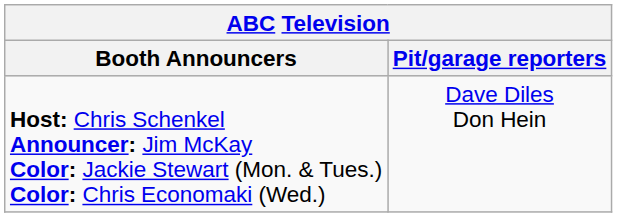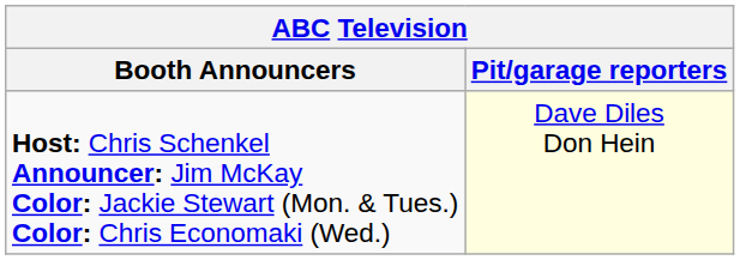 <table class="wikitable" style="font-size: 95%;">
 <tr>
 <th colspan=2><a href='#'>ABC</a> <a href='#'>Television</a></th>
 </tr>
 <tr>
 <th>Booth Announcers</th>
 <th><a href='#'>Pit/garage reporters</a></th>
 </tr>
 <tr>
 <td valign="top"><br><strong>Host:</strong> <a href='#'>Chris Schenkel</a><br> <strong><a href='#'>Announcer</a>:</strong> <a href='#'>Jim McKay</a><br> <strong><a href='#'>Color</a>:</strong> <a href='#'>Jackie Stewart</a> (Mon. & Tues.)<br> <strong><a href='#'>Color</a>:</strong> <a href='#'>Chris Economaki</a> (Wed.)<br></td>
-<td align="center" valign="top"><a href='#'>Dave Diles</a><br>Don Hein<br></td>
+<td align="center" valign="top" style="background: lightyellow;"><a href='#'>Dave Diles</a><br>Don Hein<br></td>
 </tr>
 </table>
